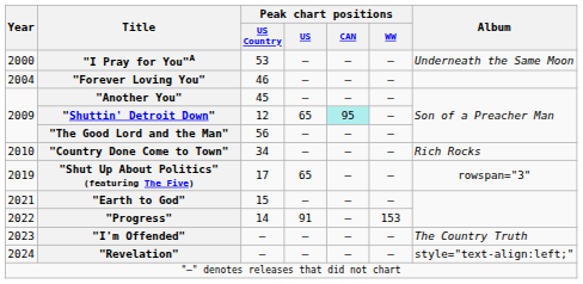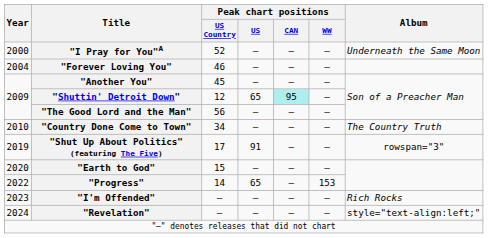 <table class="wikitable plainrowheaders" style="text-align:center;">
 <tr>
 <th rowspan="2">Year</th>
 <th rowspan="2" style="width:18em;">Title</th>
 <th colspan="4">Peak chart positions</th>
 <th rowspan="2">Album</th>
 </tr>
 <tr style="font-size:smaller;">
 <th style="width:45px;"><a href='#'>US Country</a><br></th>
 <th style="width:45px;"><a href='#'>US</a><br></th>
 <th style="width:45px;"><a href='#'>CAN</a><br></th>
 <th style="width:45px;"><a href='#'>WW</a><br></th>
 </tr>
 <tr>
 <td>2000</td>
 <th scope="row">"I Pray for You"<sup>A</sup></th>
-<td>53</td>
+<td>52</td>
 <td>—</td>
 <td>—</td>
 <td>—</td>
 <td style="text-align:left;"><em>Underneath the Same Moon</em></td>
 </tr>
 <tr>
 <td>2004</td>
 <th scope="row">"Forever Loving You"</th>
 <td>46</td>
 <td>—</td>
 <td>—</td>
 <td>—</td>
 <td></td>
 </tr>
 <tr>
 <td rowspan="3">2009</td>
 <th scope="row">"Another You"</th>
 <td>45</td>
 <td>—</td>
 <td>—</td>
 <td>—</td>
 <td style="text-align:left;" rowspan="3"><em>Son of a Preacher Man</em></td>
 </tr>
 <tr>
 <th scope="row">"<a href='#'>Shuttin' Detroit Down</a>"</th>
 <td>12</td>
 <td>65</td>
 <td style="background: paleturquoise;">95</td>
 <td>—</td>
 </tr>
 <tr>
 <th scope="row">"The Good Lord and the Man"</th>
 <td>56</td>
 <td>—</td>
 <td>—</td>
 <td>—</td>
 </tr>
 <tr>
 <td>2010</td>
 <th scope="row">"Country Done Come to Town"</th>
 <td>34</td>
 <td>—</td>
 <td>—</td>
 <td>—</td>
-<td style="text-align:left;"><em>Rich Rocks</em></td>
+<td style="text-align:left;"><em>The Country Truth</em></td>
 </tr>
 <tr>
 <td>2019</td>
 <th scope="row">"Shut Up About Politics"<br><small>(featuring <a href='#'>The Five</a>)</small></th>
 <td>17</td>
-<td>65</td>
+<td>91</td>
 <td>—</td>
 <td>—</td>
 <td>rowspan="3" </td>
 </tr>
 <tr>
-<td>2021</td>
+<td>2020</td>
 <th scope="row">"Earth to God"</th>
 <td>15</td>
 <td>—</td>
 <td>—</td>
 <td>—</td>
 </tr>
 <tr>
 <td>2022</td>
 <th scope="row">"Progress"</th>
 <td>14</td>
-<td>91</td>
+<td>65</td>
 <td>—</td>
 <td>153</td>
 </tr>
 <tr>
 <td>2023</td>
 <th scope="row">"I'm Offended"</th>
 <td>—</td>
 <td>—</td>
 <td>—</td>
 <td>—</td>
-<td style="text-align:left;"><em>The Country Truth</em></td>
+<td style="text-align:left;"><em>Rich Rocks</em></td>
 </tr>
 <tr>
 <td>2024</td>
 <th scope="row">"Revelation" </th>
 <td>—</td>
 <td>—</td>
 <td>—</td>
 <td>—</td>
 <td>style="text-align:left;"</td>
 </tr>
 <tr>
 <td colspan="11" style="font-size:85%">"—" denotes releases that did not chart</td>
 </tr>
 </table>
